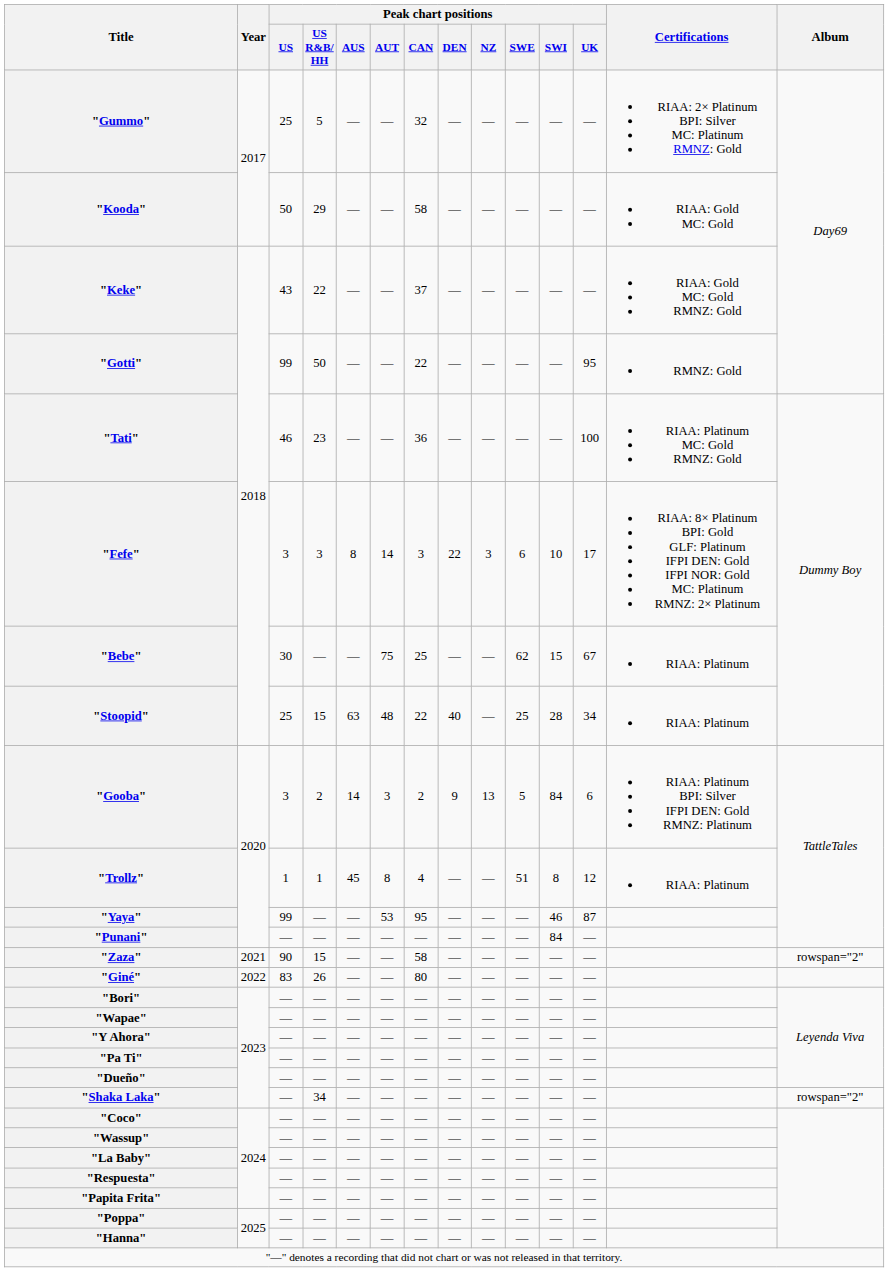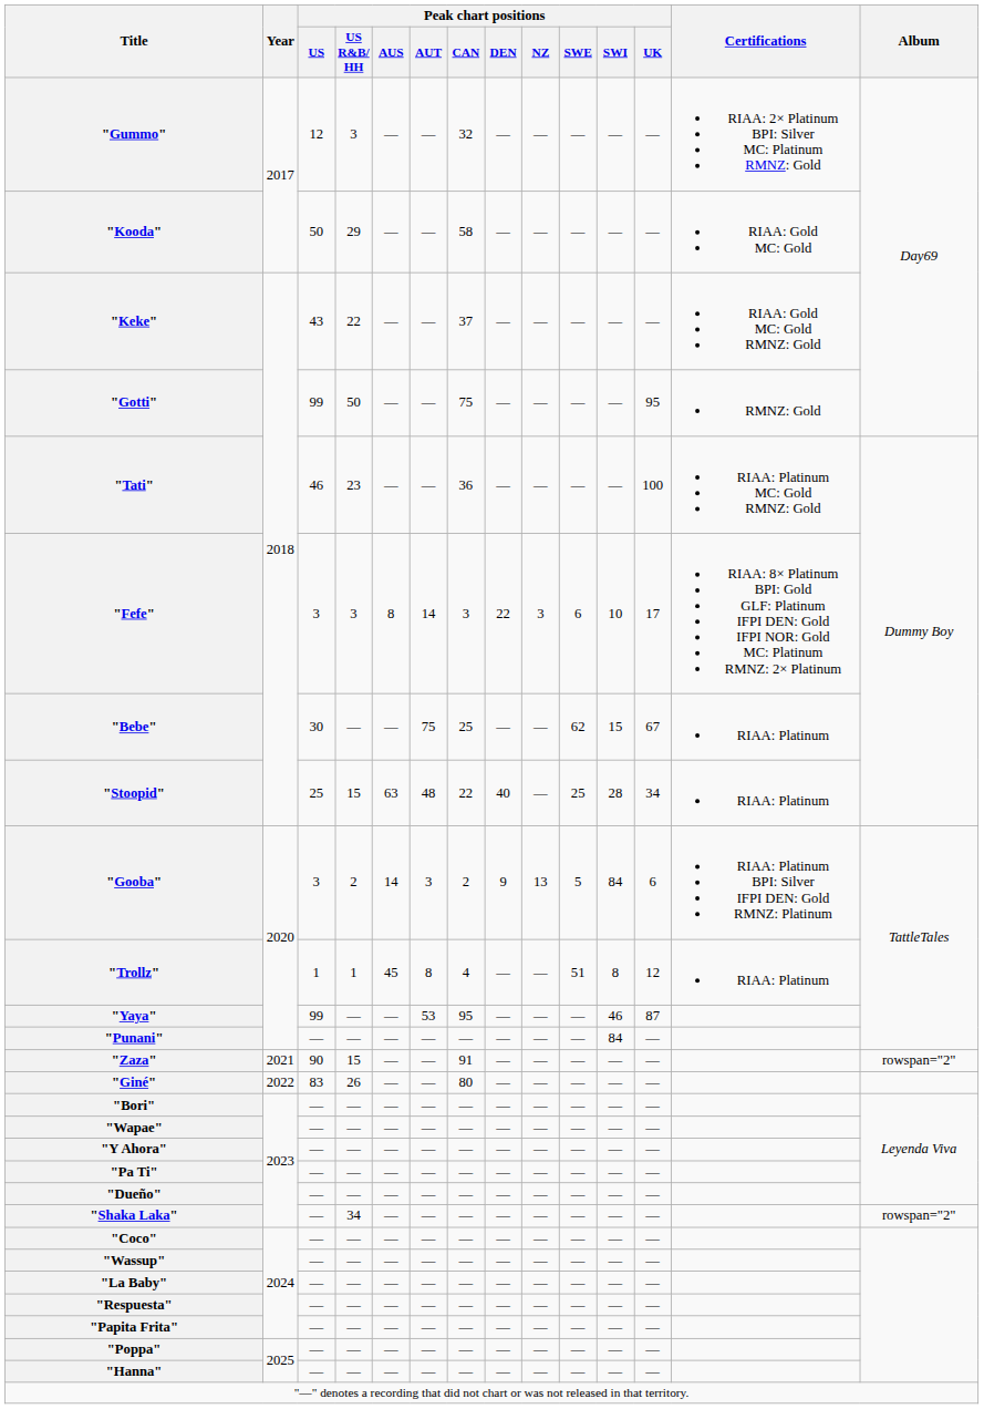 <table class="wikitable plainrowheaders" style="text-align:center;">
 <tr>
 <th scope="col" rowspan="2" style="width:18em;">Title</th>
 <th scope="col" rowspan="2" style="width:1em;">Year</th>
 <th scope="col" colspan="10">Peak chart positions</th>
 <th scope="col" rowspan="2" style="width:13em;"><a href='#'>Certifications</a></th>
 <th scope="col" rowspan="2" style="width:8em;">Album</th>
 </tr>
 <tr>
 <th scope="col" style="width:2.5em;font-size:90%;"><a href='#'>US</a><br></th>
 <th scope="col" style="width:2.5em;font-size:90%;"><a href='#'>US<br>R&B/<br>HH</a><br></th>
 <th scope="col" style="width:2.5em;font-size:90%;"><a href='#'>AUS</a><br></th>
 <th scope="col" style="width:2.5em;font-size:90%;"><a href='#'>AUT</a><br></th>
 <th scope="col" style="width:2.5em;font-size:90%;"><a href='#'>CAN</a><br></th>
 <th scope="col" style="width:2.5em;font-size:90%;"><a href='#'>DEN</a><br></th>
 <th scope="col" style="width:2.5em;font-size:90%;"><a href='#'>NZ</a><br></th>
 <th scope="col" style="width:2.5em;font-size:90%;"><a href='#'>SWE</a><br></th>
 <th scope="col" style="width:2.5em;font-size:90%;"><a href='#'>SWI</a><br></th>
 <th scope="col" style="width:2.5em;font-size:90%;"><a href='#'>UK</a><br></th>
 </tr>
 <tr>
 <th scope="row">"<a href='#'>Gummo</a>"</th>
 <td rowspan="2">2017</td>
-<td>25</td>
-<td>5</td>
+<td>12</td>
+<td>3</td>
 <td>—</td>
 <td>—</td>
 <td>32</td>
 <td>—</td>
 <td>—</td>
 <td>—</td>
 <td>—</td>
 <td>—</td>
 <td><br><ul><li>RIAA: 2× Platinum</li><li>BPI: Silver</li><li>MC: Platinum</li><li><a href='#'>RMNZ</a>: Gold</li></ul></td>
 <td rowspan="4"><em>Day69</em></td>
 </tr>
 <tr>
 <th scope="row">"<a href='#'>Kooda</a>"</th>
 <td>50</td>
 <td>29</td>
 <td>—</td>
 <td>—</td>
 <td>58</td>
 <td>—</td>
 <td>—</td>
 <td>—</td>
 <td>—</td>
 <td>—</td>
 <td><br><ul><li>RIAA: Gold</li><li>MC: Gold</li></ul></td>
 </tr>
 <tr>
 <th scope="row">"<a href='#'>Keke</a>"<br></th>
 <td rowspan="6">2018</td>
 <td>43</td>
 <td>22</td>
 <td>—</td>
 <td>—</td>
 <td>37</td>
 <td>—</td>
 <td>—</td>
 <td>—</td>
 <td>—</td>
 <td>—</td>
 <td><br><ul><li>RIAA: Gold</li><li>MC: Gold</li><li>RMNZ: Gold</li></ul></td>
 </tr>
 <tr>
 <th scope="row">"<a href='#'>Gotti</a>"</th>
 <td>99</td>
 <td>50</td>
 <td>—</td>
 <td>—</td>
-<td>22</td>
+<td>75</td>
 <td>—</td>
 <td>—</td>
 <td>—</td>
 <td>—</td>
 <td>95</td>
 <td><br><ul><li>RMNZ: Gold</li></ul></td>
 </tr>
 <tr>
 <th scope="row">"<a href='#'>Tati</a>"<br></th>
 <td>46</td>
 <td>23</td>
 <td>—</td>
 <td>—</td>
 <td>36</td>
 <td>—</td>
 <td>—</td>
 <td>—</td>
 <td>—</td>
 <td>100</td>
 <td><br><ul><li>RIAA: Platinum</li><li>MC: Gold</li><li>RMNZ: Gold</li></ul></td>
 <td rowspan="4"><em>Dummy Boy</em></td>
 </tr>
 <tr>
 <th scope="row">"<a href='#'>Fefe</a>"<br></th>
 <td>3</td>
 <td>3</td>
 <td>8</td>
 <td>14</td>
 <td>3</td>
 <td>22</td>
 <td>3</td>
 <td>6</td>
 <td>10</td>
 <td>17</td>
 <td><br><ul><li>RIAA: 8× Platinum</li><li>BPI: Gold</li><li>GLF: Platinum</li><li>IFPI DEN: Gold</li><li>IFPI NOR: Gold</li><li>MC: Platinum</li><li>RMNZ: 2× Platinum</li></ul></td>
 </tr>
 <tr>
 <th scope="row">"<a href='#'>Bebe</a>"<br></th>
 <td>30</td>
 <td>—</td>
 <td>—</td>
 <td>75</td>
 <td>25</td>
 <td>—</td>
 <td>—</td>
 <td>62</td>
 <td>15</td>
 <td>67</td>
 <td><br><ul><li>RIAA: Platinum</li></ul></td>
 </tr>
 <tr>
 <th scope="row">"<a href='#'>Stoopid</a>"<br></th>
 <td>25</td>
 <td>15</td>
 <td>63</td>
 <td>48</td>
 <td>22</td>
 <td>40</td>
 <td>—</td>
 <td>25</td>
 <td>28</td>
 <td>34</td>
 <td><br><ul><li>RIAA: Platinum</li></ul></td>
 </tr>
 <tr>
 <th scope="row">"<a href='#'>Gooba</a>"</th>
 <td rowspan="4">2020</td>
 <td>3</td>
 <td>2</td>
 <td>14</td>
 <td>3</td>
 <td>2</td>
 <td>9</td>
 <td>13</td>
 <td>5</td>
 <td>84</td>
 <td>6</td>
 <td><br><ul><li>RIAA: Platinum</li><li>BPI: Silver</li><li>IFPI DEN: Gold</li><li>RMNZ: Platinum</li></ul></td>
 <td rowspan="4"><em>TattleTales</em></td>
 </tr>
 <tr>
 <th scope="row">"<a href='#'>Trollz</a>"<br></th>
 <td>1</td>
 <td>1</td>
 <td>45</td>
 <td>8</td>
 <td>4</td>
 <td>—</td>
 <td>—</td>
 <td>51</td>
 <td>8</td>
 <td>12</td>
 <td><br><ul><li>RIAA: Platinum</li></ul></td>
 </tr>
 <tr>
 <th scope="row">"<a href='#'>Yaya</a>"</th>
 <td>99</td>
 <td>—</td>
 <td>—</td>
 <td>53</td>
 <td>95</td>
 <td>—</td>
 <td>—</td>
 <td>—</td>
 <td>46</td>
 <td>87</td>
 <td></td>
 </tr>
 <tr>
 <th scope="row">"<a href='#'>Punani</a>"</th>
 <td>—</td>
 <td>—</td>
 <td>—</td>
 <td>—</td>
 <td>—</td>
 <td>—</td>
 <td>—</td>
 <td>—</td>
 <td>84</td>
 <td>—</td>
 <td></td>
 </tr>
 <tr>
 <th scope="row">"<a href='#'>Zaza</a>"</th>
 <td>2021</td>
 <td>90</td>
 <td>15</td>
 <td>—</td>
 <td>—</td>
-<td>58</td>
+<td>91</td>
 <td>—</td>
 <td>—</td>
 <td>—</td>
 <td>—</td>
 <td>—</td>
 <td></td>
 <td>rowspan="2" </td>
 </tr>
 <tr>
 <th scope="row">"<a href='#'>Giné</a>"</th>
 <td>2022</td>
 <td>83</td>
 <td>26</td>
 <td>—</td>
 <td>—</td>
 <td>80</td>
 <td>—</td>
 <td>—</td>
 <td>—</td>
 <td>—</td>
 <td>—</td>
 <td></td>
 </tr>
 <tr>
 <th scope="row">"Bori"<br></th>
 <td rowspan="6">2023</td>
 <td>—</td>
 <td>—</td>
 <td>—</td>
 <td>—</td>
 <td>—</td>
 <td>—</td>
 <td>—</td>
 <td>—</td>
 <td>—</td>
 <td>—</td>
 <td></td>
 <td rowspan="5"><em>Leyenda Viva</em></td>
 </tr>
 <tr>
 <th scope="row">"Wapae"<br></th>
 <td>—</td>
 <td>—</td>
 <td>—</td>
 <td>—</td>
 <td>—</td>
 <td>—</td>
 <td>—</td>
 <td>—</td>
 <td>—</td>
 <td>—</td>
 <td></td>
 </tr>
 <tr>
 <th scope="row">"Y Ahora"<br></th>
 <td>—</td>
 <td>—</td>
 <td>—</td>
 <td>—</td>
 <td>—</td>
 <td>—</td>
 <td>—</td>
 <td>—</td>
 <td>—</td>
 <td>—</td>
 <td></td>
 </tr>
 <tr>
 <th scope="row">"Pa Ti"<br></th>
 <td>—</td>
 <td>—</td>
 <td>—</td>
 <td>—</td>
 <td>—</td>
 <td>—</td>
 <td>—</td>
 <td>—</td>
 <td>—</td>
 <td>—</td>
 <td></td>
 </tr>
 <tr>
 <th scope="row">"Dueño"<br></th>
 <td>—</td>
 <td>—</td>
 <td>—</td>
 <td>—</td>
 <td>—</td>
 <td>—</td>
 <td>—</td>
 <td>—</td>
 <td>—</td>
 <td>—</td>
 <td></td>
 </tr>
 <tr>
 <th scope="row">"<a href='#'>Shaka Laka</a>"<br></th>
 <td>—</td>
 <td>34</td>
 <td>—</td>
 <td>—</td>
 <td>—</td>
 <td>—</td>
 <td>—</td>
 <td>—</td>
 <td>—</td>
 <td>—</td>
 <td></td>
 <td>rowspan="2" </td>
 </tr>
 <tr>
 <th scope="row">"Coco"<br></th>
 <td rowspan="5">2024</td>
 <td>—</td>
 <td>—</td>
 <td>—</td>
 <td>—</td>
 <td>—</td>
 <td>—</td>
 <td>—</td>
 <td>—</td>
 <td>—</td>
 <td>—</td>
 <td></td>
 </tr>
 <tr>
 <th scope="row">"Wassup"</th>
 <td>—</td>
 <td>—</td>
 <td>—</td>
 <td>—</td>
 <td>—</td>
 <td>—</td>
 <td>—</td>
 <td>—</td>
 <td>—</td>
 <td>—</td>
 <td></td>
 </tr>
 <tr>
 <th scope="row">"La Baby"<br></th>
 <td>—</td>
 <td>—</td>
 <td>—</td>
 <td>—</td>
 <td>—</td>
 <td>—</td>
 <td>—</td>
 <td>—</td>
 <td>—</td>
 <td>—</td>
 <td></td>
 </tr>
 <tr>
 <th scope="row">"Respuesta"<br></th>
 <td>—</td>
 <td>—</td>
 <td>—</td>
 <td>—</td>
 <td>—</td>
 <td>—</td>
 <td>—</td>
 <td>—</td>
 <td>—</td>
 <td>—</td>
 <td></td>
 </tr>
 <tr>
 <th scope="row">"Papita Frita"<br></th>
 <td>—</td>
 <td>—</td>
 <td>—</td>
 <td>—</td>
 <td>—</td>
 <td>—</td>
 <td>—</td>
 <td>—</td>
 <td>—</td>
 <td>—</td>
 <td></td>
 </tr>
 <tr>
 <th scope="row">"Poppa"<br></th>
 <td rowspan="2">2025</td>
 <td>—</td>
 <td>—</td>
 <td>—</td>
 <td>—</td>
 <td>—</td>
 <td>—</td>
 <td>—</td>
 <td>—</td>
 <td>—</td>
 <td>—</td>
 <td></td>
 </tr>
 <tr>
 <th scope="row">"Hanna"<br></th>
 <td>—</td>
 <td>—</td>
 <td>—</td>
 <td>—</td>
 <td>—</td>
 <td>—</td>
 <td>—</td>
 <td>—</td>
 <td>—</td>
 <td>—</td>
 <td></td>
 </tr>
 <tr>
 <td colspan="14" style="font-size:90%">"—" denotes a recording that did not chart or was not released in that territory.</td>
 </tr>
 </table>
